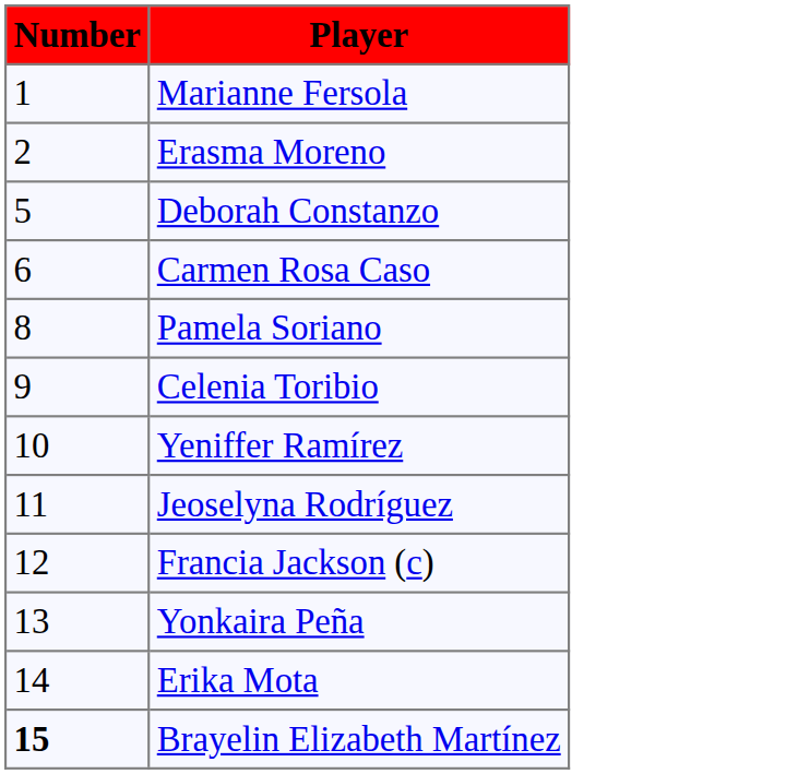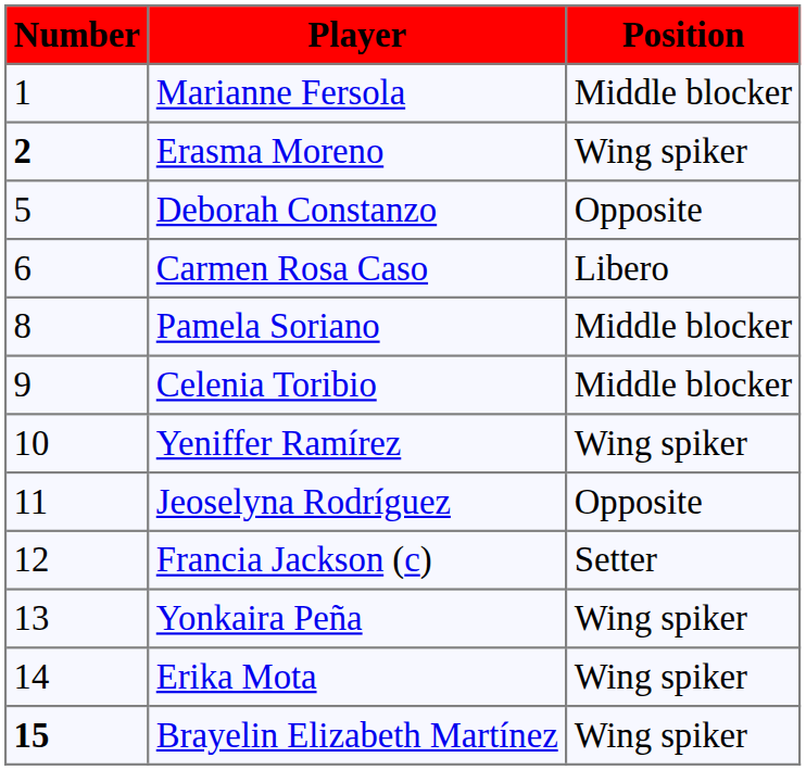 <table bgcolor="#f7f8ff" cellpadding="3" cellspacing="0" border="1" style="font-size: 95%; border: gray solid 1px; border-collapse: collapse;">
 <tr bgcolor="#ff0000">
 <td align=center><strong>Number</strong></td>
 <td align=center><strong>Player</strong></td>
+<td align=center><strong>Position</strong></td>
 </tr>
 <tr align="left">
 <td>1</td>
 <td> <a href='#'>Marianne Fersola</a></td>
+<td>Middle blocker</td>
 </tr>
 <tr align=left>
-<td>2</td>
+<td><strong>2</strong></td>
 <td> <a href='#'>Erasma Moreno</a></td>
+<td>Wing spiker</td>
 </tr>
 <tr align="left">
 <td>5</td>
 <td> <a href='#'>Deborah Constanzo</a></td>
+<td>Opposite</td>
 </tr>
 <tr align="left">
 <td>6</td>
 <td> <a href='#'>Carmen Rosa Caso</a></td>
+<td>Libero</td>
 </tr>
 <tr align="left">
 <td>8</td>
 <td> <a href='#'>Pamela Soriano</a></td>
+<td>Middle blocker</td>
 </tr>
 <tr align="left">
 <td>9</td>
 <td> <a href='#'>Celenia Toribio</a></td>
+<td>Middle blocker</td>
 </tr>
 <tr align="left">
 <td>10</td>
 <td> <a href='#'>Yeniffer Ramírez</a></td>
+<td>Wing spiker</td>
 </tr>
 <tr align="left">
 <td>11</td>
 <td> <a href='#'>Jeoselyna Rodríguez</a></td>
+<td>Opposite</td>
 </tr>
 <tr align="left">
 <td>12</td>
 <td> <a href='#'>Francia Jackson</a> (<a href='#'>c</a>)</td>
+<td>Setter</td>
 </tr>
 <tr align="left">
 <td>13</td>
 <td> <a href='#'>Yonkaira Peña</a></td>
+<td>Wing spiker</td>
 </tr>
 <tr align="left">
 <td>14</td>
 <td> <a href='#'>Erika Mota</a></td>
+<td>Wing spiker</td>
 </tr>
 <tr align="left">
 <td><strong>15</strong></td>
 <td> <a href='#'>Brayelin Elizabeth Martínez</a></td>
+<td>Wing spiker</td>
 </tr>
 </table>
